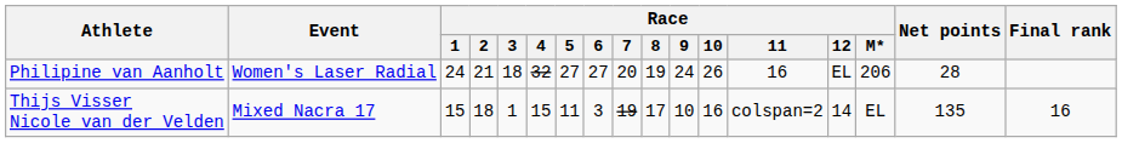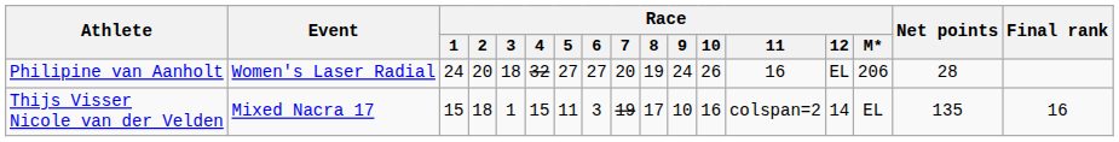 <table class="wikitable" style="font-size:90%">
 <tr>
 <th rowspan="2">Athlete</th>
 <th rowspan="2">Event</th>
 <th colspan=13>Race</th>
 <th rowspan=2>Net points</th>
 <th rowspan=2>Final rank</th>
 </tr>
 <tr style="font-size:95%">
 <th>1</th>
 <th>2</th>
 <th>3</th>
 <th>4</th>
 <th>5</th>
 <th>6</th>
 <th>7</th>
 <th>8</th>
 <th>9</th>
 <th>10</th>
 <th>11</th>
 <th>12</th>
 <th>M*</th>
 </tr>
 <tr align=center>
 <td align=left><a href='#'>Philipine van Aanholt</a></td>
 <td align=left><a href='#'>Women's Laser Radial</a></td>
 <td>24</td>
-<td>21</td>
+<td>20</td>
 <td>18</td>
 <td><s>32</s></td>
 <td>27</td>
 <td>27</td>
 <td>20</td>
 <td>19</td>
 <td>24</td>
 <td>26</td>
 <td>16</td>
 <td>EL</td>
 <td>206</td>
 <td>28</td>
 </tr>
 <tr align=center>
 <td align=left><a href='#'>Thijs Visser</a><br><a href='#'>Nicole van der Velden</a></td>
 <td align=left><a href='#'>Mixed Nacra 17</a></td>
 <td>15</td>
 <td>18</td>
 <td>1</td>
 <td>15</td>
 <td>11</td>
 <td>3</td>
 <td><s>19</s></td>
 <td>17</td>
 <td>10</td>
 <td>16</td>
 <td>colspan=2 </td>
 <td>14</td>
 <td>EL</td>
 <td>135</td>
 <td>16</td>
 </tr>
 </table>
